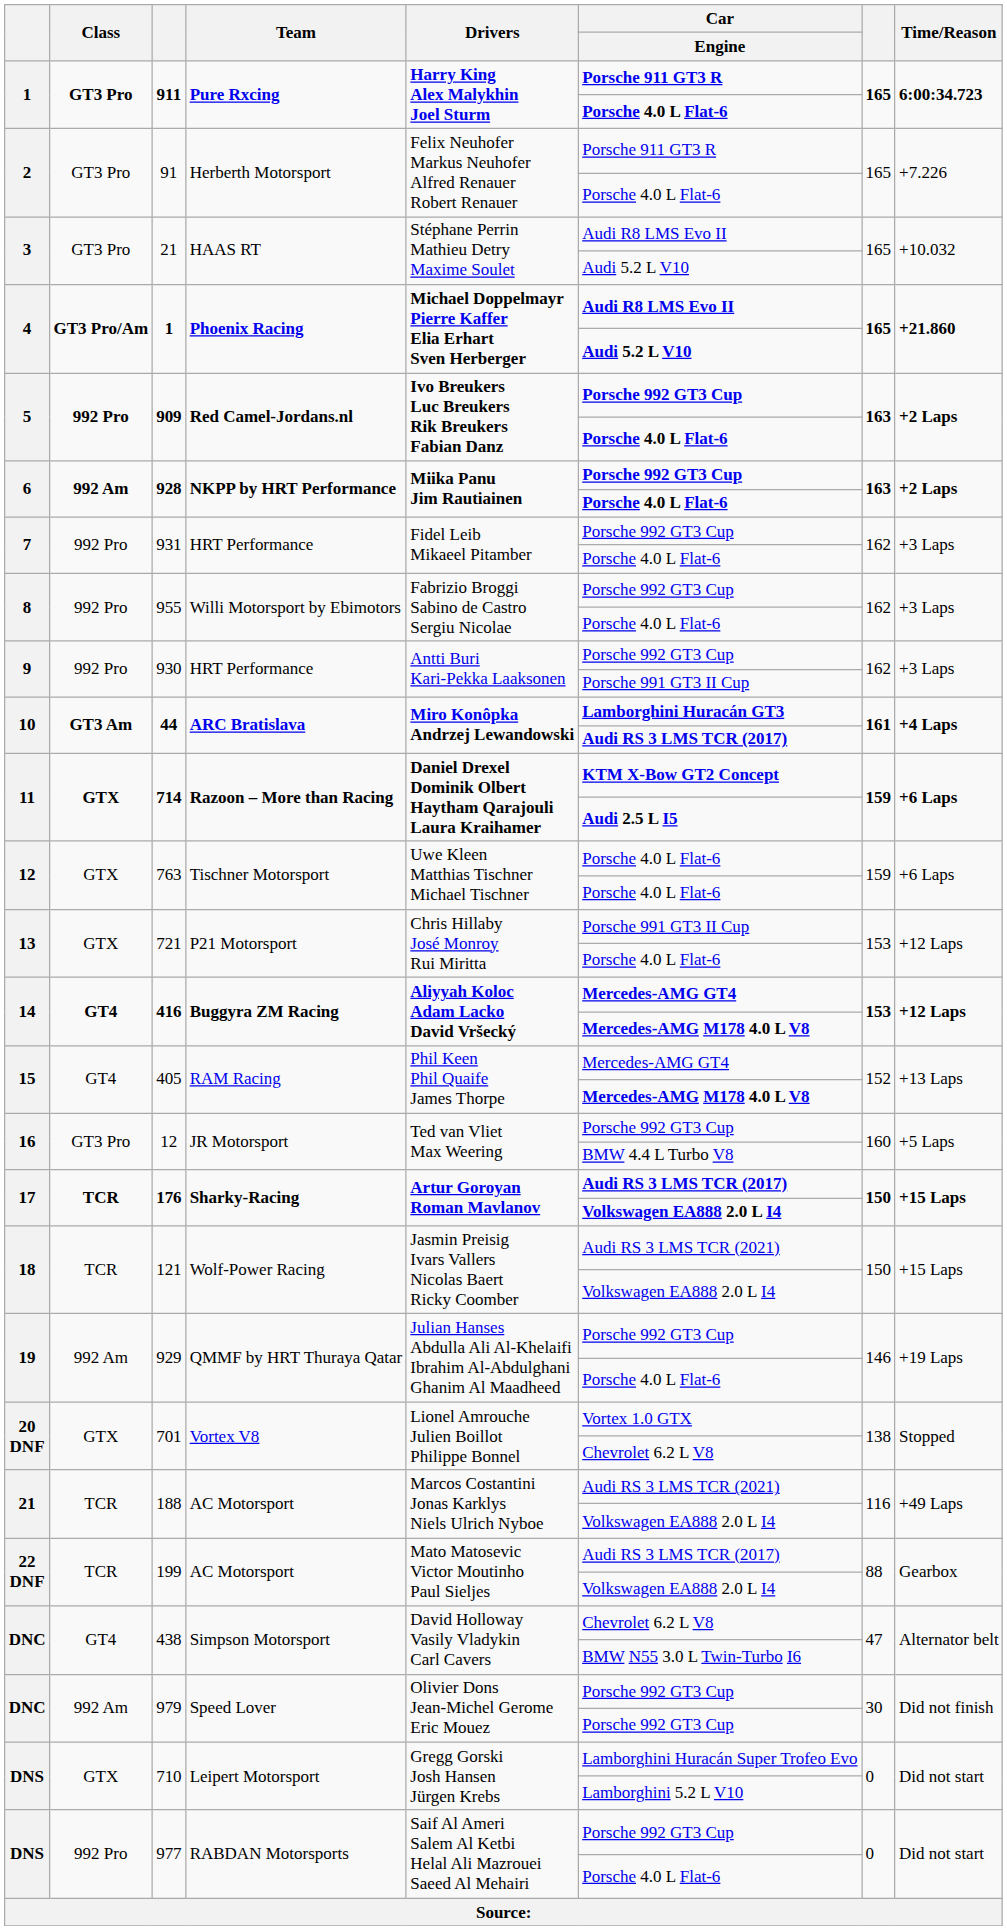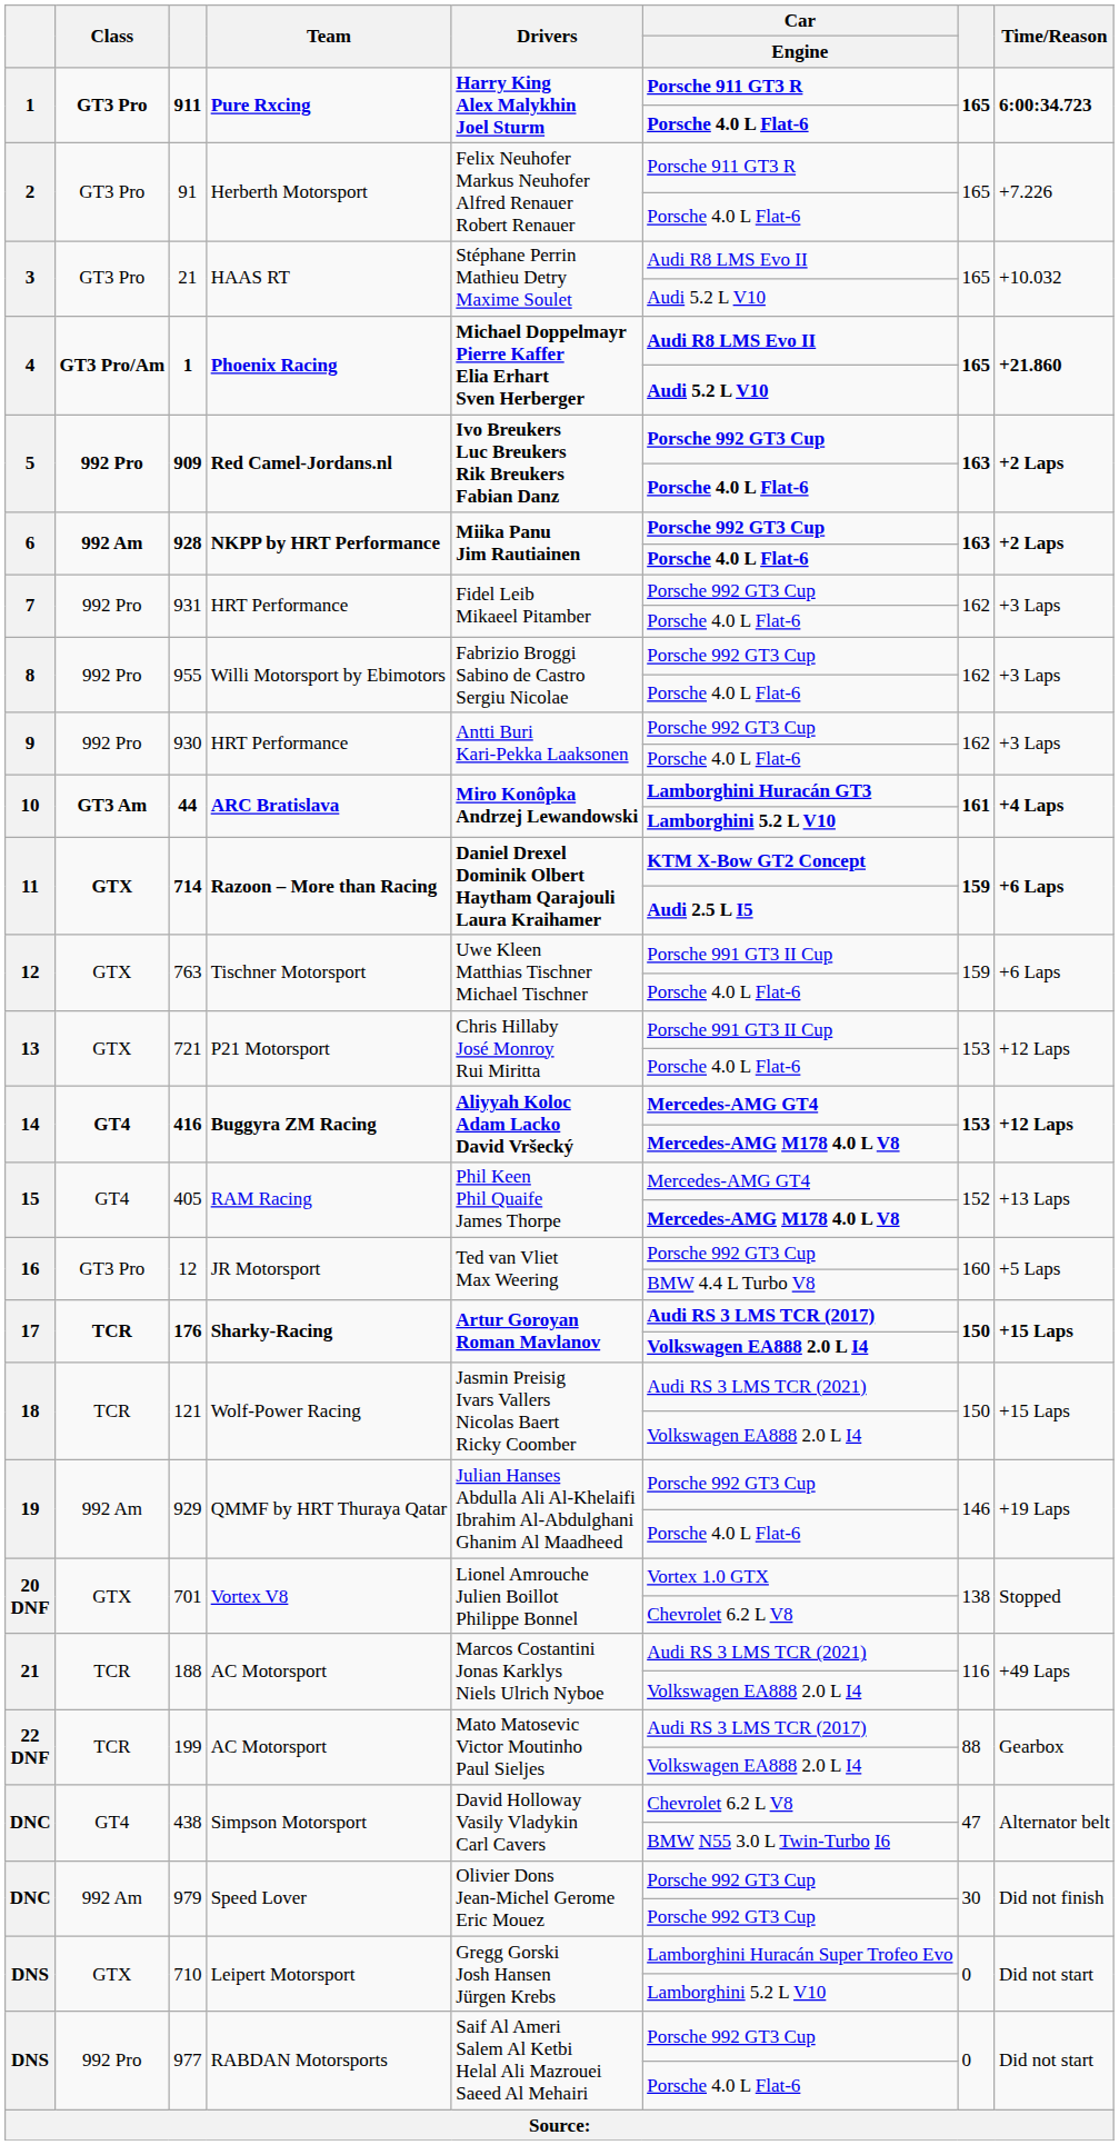 <table class="wikitable" style="font-size:85%;">
 <tr>
 <th rowspan=2></th>
 <th rowspan=2>Class</th>
 <th rowspan=2></th>
 <th rowspan=2>Team</th>
 <th rowspan=2>Drivers</th>
 <th>Car</th>
 <th rowspan="2"></th>
 <th rowspan="2">Time/Reason</th>
 </tr>
 <tr>
 <th>Engine</th>
 </tr>
 <tr>
 <th rowspan=2>1</th>
 <td rowspan=2 align=center><strong>GT3 Pro</strong></td>
 <td rowspan=2 align=center><strong>911</strong></td>
 <td rowspan=2><strong> <a href='#'>Pure Rxcing</a></strong></td>
 <td rowspan=2><strong> <a href='#'>Harry King</a><br> <a href='#'>Alex Malykhin</a><br> <a href='#'>Joel Sturm</a></strong></td>
 <td><a href='#'><strong>Porsche 911 GT3 R</strong></a></td>
 <td rowspan="2"><strong>165</strong></td>
 <td rowspan="2"><strong>6:00:34.723</strong></td>
 </tr>
 <tr>
 <td><strong><a href='#'>Porsche</a> 4.0 L <a href='#'>Flat-6</a></strong></td>
 </tr>
 <tr>
 <th rowspan=2>2</th>
 <td rowspan=2 align=center>GT3 Pro</td>
 <td rowspan=2 align=center>91</td>
 <td rowspan=2> Herberth Motorsport</td>
 <td rowspan=2> Felix Neuhofer<br> Markus Neuhofer<br> Alfred Renauer<br> Robert Renauer</td>
 <td><a href='#'>Porsche 911 GT3 R</a></td>
 <td rowspan="2">165</td>
 <td rowspan="2">+7.226</td>
 </tr>
 <tr>
 <td><a href='#'>Porsche</a> 4.0 L <a href='#'>Flat-6</a></td>
 </tr>
 <tr>
 <th rowspan=2>3</th>
 <td rowspan=2 align=center>GT3 Pro</td>
 <td rowspan=2 align=center>21</td>
 <td rowspan=2> HAAS RT</td>
 <td rowspan=2> Stéphane Perrin<br> Mathieu Detry<br> <a href='#'>Maxime Soulet</a></td>
 <td><a href='#'>Audi R8 LMS Evo II</a></td>
 <td rowspan="2">165</td>
 <td rowspan="2">+10.032</td>
 </tr>
 <tr>
 <td><a href='#'>Audi</a> 5.2 L <a href='#'>V10</a></td>
 </tr>
 <tr>
 <th rowspan=2>4</th>
 <td rowspan=2 align=center><strong>GT3 Pro/Am</strong></td>
 <td rowspan=2 align=center><strong>1</strong></td>
 <td rowspan=2><strong> <a href='#'>Phoenix Racing</a></strong></td>
 <td rowspan=2><strong> Michael Doppelmayr<br> <a href='#'>Pierre Kaffer</a><br> Elia Erhart<br> Sven Herberger</strong></td>
 <td><a href='#'><strong>Audi R8 LMS Evo II</strong></a></td>
 <td rowspan="2"><strong>165</strong></td>
 <td rowspan="2"><strong>+21.860</strong></td>
 </tr>
 <tr>
 <td><strong><a href='#'>Audi</a> 5.2 L <a href='#'>V10</a></strong></td>
 </tr>
 <tr>
 <th rowspan=2>5</th>
 <td rowspan=2 align=center><strong>992 Pro</strong></td>
 <td rowspan=2 align=center><strong>909</strong></td>
 <td rowspan=2><strong> Red Camel-Jordans.nl</strong></td>
 <td rowspan=2><strong> Ivo Breukers<br> Luc Breukers<br> Rik Breukers<br> Fabian Danz</strong></td>
 <td><a href='#'><strong>Porsche 992 GT3 Cup</strong></a></td>
 <td rowspan="2"><strong>163</strong></td>
 <td rowspan="2"><strong>+2 Laps</strong></td>
 </tr>
 <tr>
 <td><strong><a href='#'>Porsche</a> 4.0 L <a href='#'>Flat-6</a></strong></td>
 </tr>
 <tr>
 <th rowspan=2>6</th>
 <td rowspan=2 align=center><strong>992 Am</strong></td>
 <td rowspan=2 align=center><strong>928</strong></td>
 <td rowspan=2><strong> NKPP by HRT Performance</strong></td>
 <td rowspan=2><strong> Miika Panu<br> Jim Rautiainen</strong></td>
 <td><a href='#'><strong>Porsche 992 GT3 Cup</strong></a></td>
 <td rowspan="2"><strong>163</strong></td>
 <td rowspan="2"><strong>+2 Laps</strong></td>
 </tr>
 <tr>
 <td><strong><a href='#'>Porsche</a> 4.0 L <a href='#'>Flat-6</a></strong></td>
 </tr>
 <tr>
 <th rowspan=2>7</th>
 <td rowspan=2 align=center>992 Pro</td>
 <td rowspan=2 align=center>931</td>
 <td rowspan=2> HRT Performance</td>
 <td rowspan=2> Fidel Leib<br> Mikaeel Pitamber</td>
 <td><a href='#'>Porsche 992 GT3 Cup</a></td>
 <td rowspan="2">162</td>
 <td rowspan="2">+3 Laps</td>
 </tr>
 <tr>
 <td><a href='#'>Porsche</a> 4.0 L <a href='#'>Flat-6</a></td>
 </tr>
 <tr>
 <th rowspan=2>8</th>
 <td rowspan=2 align=center>992 Pro</td>
 <td rowspan=2 align=center>955</td>
 <td rowspan=2> Willi Motorsport by Ebimotors</td>
 <td rowspan=2> Fabrizio Broggi<br> Sabino de Castro<br> Sergiu Nicolae</td>
 <td><a href='#'>Porsche 992 GT3 Cup</a></td>
 <td rowspan="2">162</td>
 <td rowspan="2">+3 Laps</td>
 </tr>
 <tr>
 <td><a href='#'>Porsche</a> 4.0 L <a href='#'>Flat-6</a></td>
 </tr>
 <tr>
 <th rowspan=2>9</th>
 <td rowspan=2 align=center>992 Pro</td>
 <td rowspan=2 align=center>930</td>
 <td rowspan=2> HRT Performance</td>
 <td rowspan=2> <a href='#'>Antti Buri</a><br> <a href='#'>Kari-Pekka Laaksonen</a></td>
 <td><a href='#'>Porsche 992 GT3 Cup</a></td>
 <td rowspan="2">162</td>
 <td rowspan="2">+3 Laps</td>
 </tr>
 <tr>
-<td><a href='#'>Porsche 991 GT3 II Cup</a></td>
+<td><a href='#'>Porsche</a> 4.0 L <a href='#'>Flat-6</a></td>
 </tr>
 <tr>
 <th rowspan=2>10</th>
 <td rowspan=2 align=center><strong>GT3 Am</strong></td>
 <td rowspan=2 align=center><strong>44</strong></td>
 <td rowspan=2><strong> <a href='#'>ARC Bratislava</a></strong></td>
 <td rowspan=2><strong> <a href='#'>Miro Konôpka</a><br> Andrzej Lewandowski</strong></td>
 <td><a href='#'><strong>Lamborghini Huracán GT3</strong></a></td>
 <td rowspan="2"><strong>161</strong></td>
 <td rowspan="2"><strong>+4 Laps</strong></td>
 </tr>
 <tr>
-<td><a href='#'><strong>Audi RS 3 LMS TCR (2017)</strong></a></td>
+<td><strong><a href='#'>Lamborghini</a> 5.2 L <a href='#'>V10</a></strong></td>
 </tr>
 <tr>
 <th rowspan=2>11</th>
 <td rowspan=2 align=center><strong>GTX</strong></td>
 <td rowspan=2 align=center><strong>714</strong></td>
 <td rowspan=2><strong> Razoon – More than Racing</strong></td>
 <td rowspan=2><strong> Daniel Drexel<br> Dominik Olbert<br> Haytham Qarajouli<br> Laura Kraihamer</strong></td>
 <td><a href='#'><strong>KTM X-Bow GT2 Concept</strong></a></td>
 <td rowspan="2"><strong>159</strong></td>
 <td rowspan="2"><strong>+6 Laps</strong></td>
 </tr>
 <tr>
 <td><strong><a href='#'>Audi</a> 2.5 L <a href='#'>I5</a></strong></td>
 </tr>
 <tr>
 <th rowspan=2>12</th>
 <td rowspan=2 align=center>GTX</td>
 <td rowspan=2 align=center>763</td>
 <td rowspan=2> Tischner Motorsport</td>
 <td rowspan=2> Uwe Kleen<br> Matthias Tischner<br> Michael Tischner</td>
-<td><a href='#'>Porsche</a> 4.0 L <a href='#'>Flat-6</a></td>
+<td><a href='#'>Porsche 991 GT3 II Cup</a></td>
 <td rowspan="2">159</td>
 <td rowspan="2">+6 Laps</td>
 </tr>
 <tr>
 <td><a href='#'>Porsche</a> 4.0 L <a href='#'>Flat-6</a></td>
 </tr>
 <tr>
 <th rowspan=2>13</th>
 <td rowspan=2 align=center>GTX</td>
 <td rowspan=2 align=center>721</td>
 <td rowspan=2> P21 Motorsport</td>
 <td rowspan=2> Chris Hillaby<br> <a href='#'>José Monroy</a><br> Rui Miritta</td>
 <td><a href='#'>Porsche 991 GT3 II Cup</a></td>
 <td rowspan="2">153</td>
 <td rowspan="2">+12 Laps</td>
 </tr>
 <tr>
 <td><a href='#'>Porsche</a> 4.0 L <a href='#'>Flat-6</a></td>
 </tr>
 <tr>
 <th rowspan=2>14</th>
 <td rowspan=2 align=center><strong>GT4</strong></td>
 <td rowspan=2 align=center><strong>416</strong></td>
 <td rowspan=2><strong> Buggyra ZM Racing</strong></td>
 <td rowspan=2><strong> <a href='#'>Aliyyah Koloc</a><br> <a href='#'>Adam Lacko</a><br> David Vršecký</strong></td>
 <td><a href='#'><strong>Mercedes-AMG GT4</strong></a></td>
 <td rowspan="2"><strong>153</strong></td>
 <td rowspan="2"><strong>+12 Laps</strong></td>
 </tr>
 <tr>
 <td><strong><a href='#'>Mercedes-AMG</a> <a href='#'>M178</a> 4.0 L <a href='#'>V8</a></strong></td>
 </tr>
 <tr>
 <th rowspan=2>15</th>
 <td rowspan=2 align=center>GT4</td>
 <td rowspan=2 align=center>405</td>
 <td rowspan=2> <a href='#'>RAM Racing</a></td>
 <td rowspan=2> <a href='#'>Phil Keen</a><br> <a href='#'>Phil Quaife</a><br> James Thorpe</td>
 <td><a href='#'>Mercedes-AMG GT4</a></td>
 <td rowspan="2">152</td>
 <td rowspan="2">+13 Laps</td>
 </tr>
 <tr>
 <td><strong><a href='#'>Mercedes-AMG</a> <a href='#'>M178</a> 4.0 L <a href='#'>V8</a></strong></td>
 </tr>
 <tr>
 <th rowspan=2>16</th>
 <td rowspan=2 align=center>GT3 Pro</td>
 <td rowspan=2 align=center>12</td>
 <td rowspan=2> JR Motorsport</td>
 <td rowspan=2> Ted van Vliet<br> Max Weering</td>
 <td><a href='#'>Porsche 992 GT3 Cup</a></td>
 <td rowspan=2>160</td>
 <td rowspan="2">+5 Laps</td>
 </tr>
 <tr>
 <td><a href='#'>BMW</a> 4.4 L Turbo <a href='#'>V8</a></td>
 </tr>
 <tr>
 <th rowspan=2>17</th>
 <td rowspan=2 align=center><strong>TCR</strong></td>
 <td rowspan=2 align=center><strong>176</strong></td>
 <td rowspan=2><strong> Sharky-Racing</strong></td>
 <td rowspan=2><strong> <a href='#'>Artur Goroyan</a><br><a href='#'>Roman Mavlanov</a></strong></td>
 <td><a href='#'><strong>Audi RS 3 LMS TCR (2017)</strong></a></td>
 <td rowspan="2"><strong>150</strong></td>
 <td rowspan="2"><strong>+15 Laps</strong></td>
 </tr>
 <tr>
 <td><strong><a href='#'>Volkswagen EA888</a> 2.0 L <a href='#'>I4</a></strong></td>
 </tr>
 <tr>
 <th rowspan=2>18</th>
 <td rowspan=2 align=center>TCR</td>
 <td rowspan=2 align=center>121</td>
 <td rowspan=2> Wolf-Power Racing</td>
 <td rowspan=2> Jasmin Preisig<br> Ivars Vallers<br> Nicolas Baert<br> Ricky Coomber</td>
 <td><a href='#'>Audi RS 3 LMS TCR (2021)</a></td>
 <td rowspan="2">150</td>
 <td rowspan="2">+15 Laps</td>
 </tr>
 <tr>
 <td><a href='#'>Volkswagen EA888</a> 2.0 L <a href='#'>I4</a></td>
 </tr>
 <tr>
 <th rowspan=2>19</th>
 <td rowspan=2 align=center>992 Am</td>
 <td rowspan=2 align=center>929</td>
 <td rowspan=2> QMMF by HRT Thuraya Qatar</td>
 <td rowspan=2> <a href='#'>Julian Hanses</a><br> Abdulla Ali Al-Khelaifi<br> Ibrahim Al-Abdulghani<br> Ghanim Al Maadheed</td>
 <td><a href='#'>Porsche 992 GT3 Cup</a></td>
 <td rowspan="2">146</td>
 <td rowspan="2">+19 Laps</td>
 </tr>
 <tr>
 <td><a href='#'>Porsche</a> 4.0 L <a href='#'>Flat-6</a></td>
 </tr>
 <tr>
 <th rowspan=2>20<br>DNF</th>
 <td rowspan=2 align=center>GTX</td>
 <td rowspan=2 align=center>701</td>
 <td rowspan=2> <a href='#'>Vortex V8</a></td>
 <td rowspan=2> Lionel Amrouche<br> Julien Boillot<br> Philippe Bonnel</td>
 <td><a href='#'>Vortex 1.0 GTX</a></td>
 <td rowspan="2">138</td>
 <td rowspan="2">Stopped</td>
 </tr>
 <tr>
 <td><a href='#'>Chevrolet</a> 6.2 L <a href='#'>V8</a></td>
 </tr>
 <tr>
 <th rowspan=2>21</th>
 <td rowspan=2 align=center>TCR</td>
 <td rowspan=2 align=center>188</td>
 <td rowspan=2> AC Motorsport</td>
 <td rowspan=2> Marcos Costantini<br> Jonas Karklys<br> Niels Ulrich Nyboe</td>
 <td><a href='#'>Audi RS 3 LMS TCR (2021)</a></td>
 <td rowspan="2">116</td>
 <td rowspan="2">+49 Laps</td>
 </tr>
 <tr>
 <td><a href='#'>Volkswagen EA888</a> 2.0 L <a href='#'>I4</a></td>
 </tr>
 <tr>
 <th rowspan=2>22<br>DNF</th>
 <td rowspan=2 align=center>TCR</td>
 <td rowspan=2 align=center>199</td>
 <td rowspan=2> AC Motorsport</td>
 <td rowspan=2> Mato Matosevic<br> Victor Moutinho<br> Paul Sieljes</td>
 <td><a href='#'>Audi RS 3 LMS TCR (2017)</a></td>
 <td rowspan="2">88</td>
 <td rowspan="2">Gearbox</td>
 </tr>
 <tr>
 <td><a href='#'>Volkswagen EA888</a> 2.0 L <a href='#'>I4</a></td>
 </tr>
 <tr>
 <th rowspan=2>DNC</th>
 <td rowspan=2 align=center>GT4</td>
 <td rowspan=2 align=center>438</td>
 <td rowspan=2> Simpson Motorsport</td>
 <td rowspan=2> David Holloway<br> Vasily Vladykin<br> Carl Cavers</td>
 <td><a href='#'>Chevrolet</a> 6.2 L <a href='#'>V8</a></td>
 <td rowspan="2">47</td>
 <td rowspan="2">Alternator belt</td>
 </tr>
 <tr>
 <td><a href='#'>BMW</a> <a href='#'>N55</a> 3.0 L <a href='#'>Twin-Turbo</a> <a href='#'>I6</a></td>
 </tr>
 <tr>
 <th rowspan=2>DNC</th>
 <td rowspan=2 align=center>992 Am</td>
 <td rowspan=2 align=center>979</td>
 <td rowspan=2> Speed Lover</td>
 <td rowspan=2> Olivier Dons<br> Jean-Michel Gerome<br> Eric Mouez</td>
 <td><a href='#'>Porsche 992 GT3 Cup</a></td>
 <td rowspan="2">30</td>
 <td rowspan="2">Did not finish</td>
 </tr>
 <tr>
 <td><a href='#'>Porsche 992 GT3 Cup</a></td>
 </tr>
 <tr>
 <th rowspan=2>DNS</th>
 <td rowspan=2 align=center>GTX</td>
 <td rowspan=2 align=center>710</td>
 <td rowspan=2> Leipert Motorsport</td>
 <td rowspan=2> Gregg Gorski<br> Josh Hansen<br> Jürgen Krebs</td>
 <td><a href='#'>Lamborghini Huracán Super Trofeo Evo</a></td>
 <td rowspan="2">0</td>
 <td rowspan="2">Did not start</td>
 </tr>
 <tr>
 <td><a href='#'>Lamborghini</a> 5.2 L <a href='#'>V10</a></td>
 </tr>
 <tr>
 <th rowspan=2>DNS</th>
 <td rowspan=2 align=center>992 Pro</td>
 <td rowspan=2 align=center>977</td>
 <td rowspan=2> RABDAN Motorsports</td>
 <td rowspan=2> Saif Al Ameri<br> Salem Al Ketbi<br> Helal Ali Mazrouei<br> Saeed Al Mehairi</td>
 <td><a href='#'>Porsche 992 GT3 Cup</a></td>
 <td rowspan="2">0</td>
 <td rowspan="2">Did not start</td>
 </tr>
 <tr>
 <td><a href='#'>Porsche</a> 4.0 L <a href='#'>Flat-6</a></td>
 </tr>
 <tr>
 <th colspan=8>Source:</th>
 </tr>
 </table>
